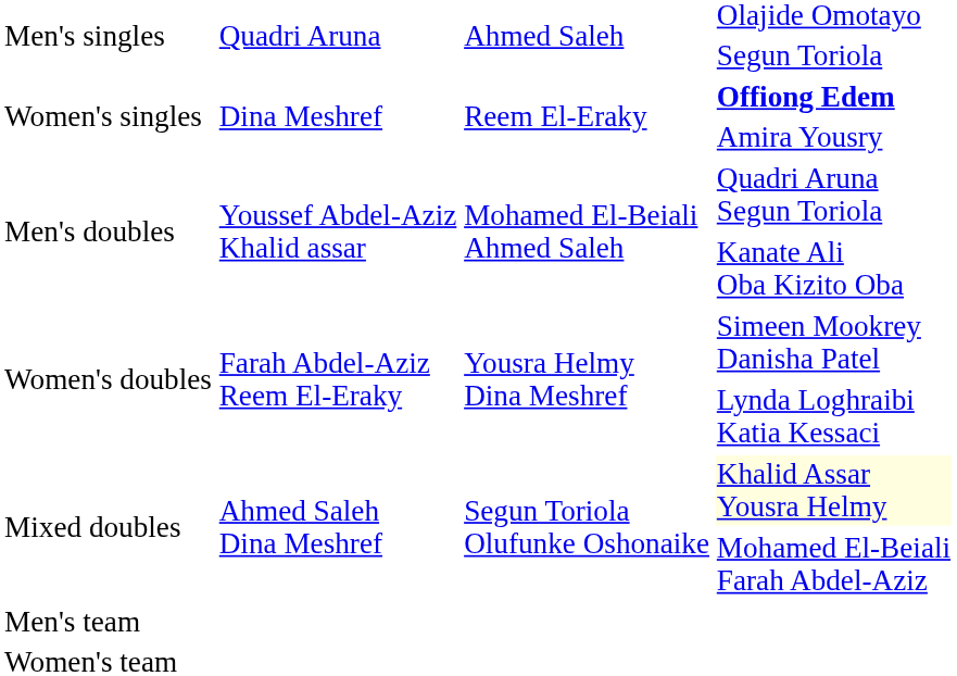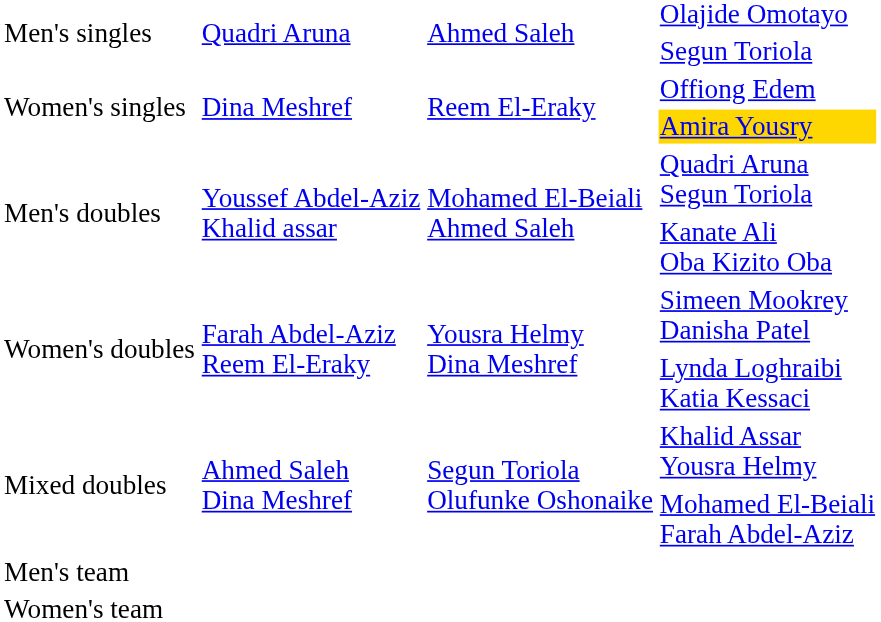 <table>
 <tr>
 <td rowspan=2>Men's singles</td>
 <td rowspan=2> <a href='#'>Quadri Aruna</a></td>
 <td rowspan=2> <a href='#'>Ahmed Saleh</a></td>
 <td> <a href='#'>Olajide Omotayo</a></td>
 </tr>
 <tr>
 <td> <a href='#'>Segun Toriola</a></td>
 </tr>
 <tr>
 <td rowspan=2>Women's singles</td>
 <td rowspan=2> <a href='#'>Dina Meshref</a></td>
 <td rowspan=2> <a href='#'>Reem El-Eraky</a></td>
-<td><strong> <a href='#'>Offiong Edem</a></strong></td>
+<td> <a href='#'>Offiong Edem</a></td>
 </tr>
 <tr>
-<td> <a href='#'>Amira Yousry</a></td>
+<td style="background: gold;"> <a href='#'>Amira Yousry</a></td>
 </tr>
 <tr>
 <td rowspan=2>Men's doubles</td>
 <td rowspan=2> <a href='#'>Youssef Abdel-Aziz</a><br> <a href='#'>Khalid assar</a></td>
 <td rowspan=2> <a href='#'>Mohamed El-Beiali</a><br> <a href='#'>Ahmed Saleh</a></td>
 <td> <a href='#'>Quadri Aruna</a><br> <a href='#'>Segun Toriola</a></td>
 </tr>
 <tr>
 <td> <a href='#'>Kanate Ali</a><br> <a href='#'>Oba Kizito Oba</a></td>
 </tr>
 <tr>
 <td rowspan=2>Women's doubles</td>
 <td rowspan=2> <a href='#'>Farah Abdel-Aziz</a><br> <a href='#'>Reem El-Eraky</a></td>
 <td rowspan=2> <a href='#'>Yousra Helmy</a><br> <a href='#'>Dina Meshref</a></td>
 <td> <a href='#'>Simeen Mookrey</a><br> <a href='#'>Danisha Patel</a></td>
 </tr>
 <tr>
 <td> <a href='#'>Lynda Loghraibi</a><br> <a href='#'>Katia Kessaci</a></td>
 </tr>
 <tr>
 <td rowspan=2>Mixed doubles</td>
 <td rowspan=2> <a href='#'>Ahmed Saleh</a><br> <a href='#'>Dina Meshref</a></td>
 <td rowspan=2> <a href='#'>Segun Toriola</a><br> <a href='#'>Olufunke Oshonaike</a></td>
-<td style="background: lightyellow;"> <a href='#'>Khalid Assar</a><br> <a href='#'>Yousra Helmy</a></td>
+<td> <a href='#'>Khalid Assar</a><br> <a href='#'>Yousra Helmy</a></td>
 </tr>
 <tr>
 <td> <a href='#'>Mohamed El-Beiali</a><br> <a href='#'>Farah Abdel-Aziz</a></td>
 </tr>
 <tr>
 <td>Men's team</td>
 <td></td>
 <td></td>
 <td></td>
 </tr>
 <tr>
 <td>Women's team</td>
 <td></td>
 <td></td>
 <td></td>
 </tr>
 </table>
